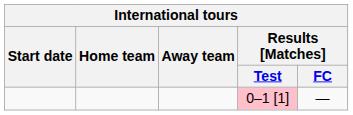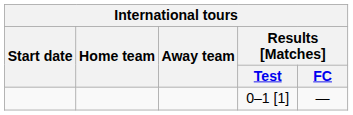 <table class="wikitable" style="text-align:center;">
 <tr>
 <th colspan="7">International tours</th>
 </tr>
 <tr>
 <th rowspan="2">Start date</th>
 <th rowspan="2">Home team</th>
 <th rowspan="2">Away team</th>
 <th colspan="2">Results [Matches]</th>
 </tr>
 <tr>
 <th width=60px><a href='#'>Test</a></th>
 <th width=50px><a href='#'>FC</a></th>
 </tr>
 <tr>
 <td><a href='#'></a></td>
 <td style="text-align:left"></td>
 <td style="text-align:left"></td>
-<td style="background: pink;">0–1 [1]</td>
+<td>0–1 [1]</td>
 <td ; style="text-align:center">—</td>
 </tr>
 </table>
